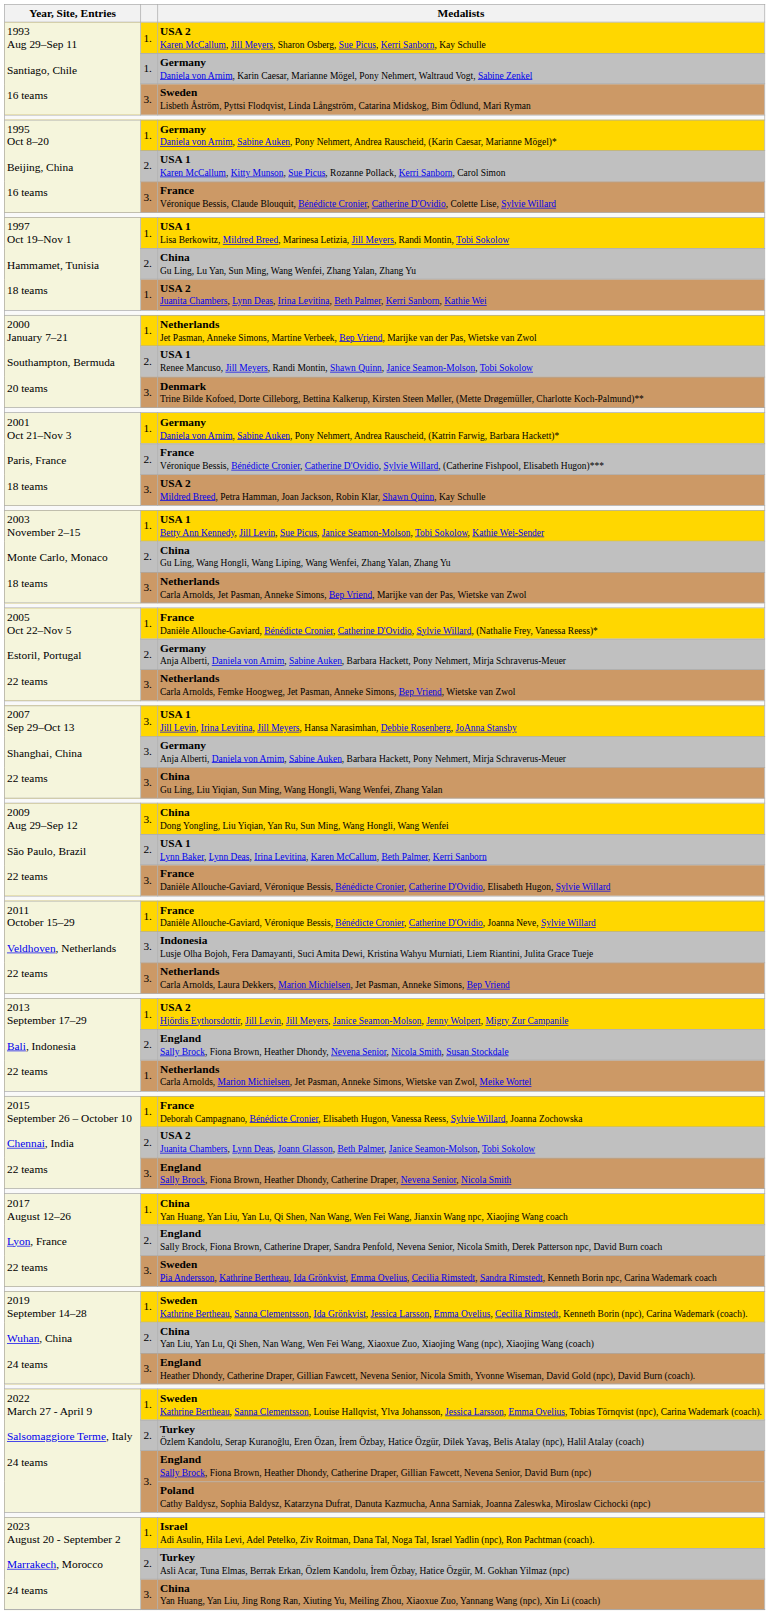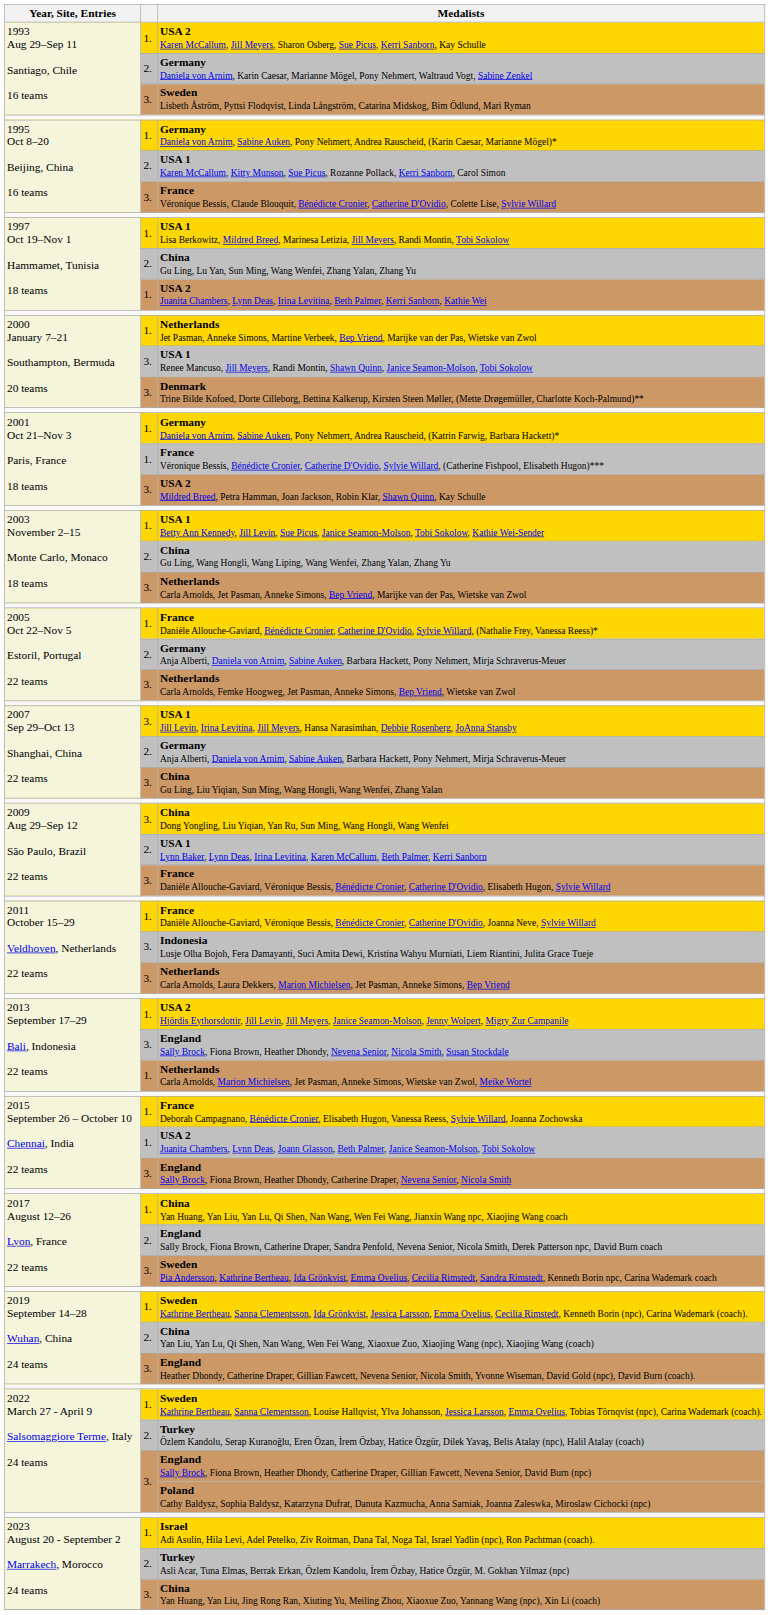 <table class=wikitable>
 <tr>
 <th>Year, Site, Entries</th>
 <th></th>
 <th>Medalists</th>
 </tr>
 <tr bgcolor="gold">
 <td rowspan=3 bgcolor="beige" valign="Top">1993<br>Aug 29–Sep 11 <br> <br>Santiago, Chile <br> <br>16 teams</td>
 <td>1. </td>
 <td> <strong>USA 2</strong> <br><small><a href='#'>Karen McCallum</a>, <a href='#'>Jill Meyers</a>, Sharon Osberg, <a href='#'>Sue Picus</a>, <a href='#'>Kerri Sanborn</a>, Kay Schulle</small></td>
 </tr>
 <tr bgcolor="silver">
-<td>1.</td>
+<td>2.</td>
 <td> <strong>Germany</strong> <br><small><a href='#'>Daniela von Arnim</a>, Karin Caesar, Marianne Mögel, Pony Nehmert, Waltraud Vogt, <a href='#'>Sabine Zenkel</a></small></td>
 </tr>
 <tr bgcolor="cc9966">
 <td>3.</td>
 <td> <strong>Sweden</strong> <br><small>Lisbeth Åström, Pyttsi Flodqvist, Linda Långström, Catarina Midskog, Bim Ödlund, Mari Ryman</small></td>
 </tr>
 <tr>
 <td colspan=3></td>
 </tr>
 <tr bgcolor="gold">
 <td rowspan=3 bgcolor="beige" valign="Top">1995<br>Oct 8–20 <br> <br>Beijing, China <br> <br>16 teams</td>
 <td>1.</td>
 <td> <strong>Germany</strong> <br><small><a href='#'>Daniela von Arnim</a>, <a href='#'>Sabine Auken</a>, Pony Nehmert, Andrea Rauscheid, (Karin Caesar, Marianne Mögel)*</small></td>
 </tr>
 <tr bgcolor="silver">
 <td>2.</td>
 <td> <strong>USA 1</strong> <br><small><a href='#'>Karen McCallum</a>, <a href='#'>Kitty Munson</a>, <a href='#'>Sue Picus</a>, Rozanne Pollack, <a href='#'>Kerri Sanborn</a>, Carol Simon</small></td>
 </tr>
 <tr bgcolor="cc9966">
 <td>3.</td>
 <td> <strong>France</strong> <br><small>Véronique Bessis, Claude Blouquit, <a href='#'>Bénédicte Cronier</a>, <a href='#'>Catherine D'Ovidio</a>, Colette Lise, <a href='#'>Sylvie Willard</a></small></td>
 </tr>
 <tr>
 <td colspan=3></td>
 </tr>
 <tr bgcolor="gold">
 <td rowspan=3 bgcolor="beige" valign="Top">1997<br>Oct 19–Nov 1 <br> <br>Hammamet, Tunisia <br> <br>18 teams</td>
 <td>1.</td>
 <td> <strong>USA 1</strong> <br><small>Lisa Berkowitz, <a href='#'>Mildred Breed</a>, Marinesa Letizia, <a href='#'>Jill Meyers</a>, Randi Montin, <a href='#'>Tobi Sokolow</a></small></td>
 </tr>
 <tr bgcolor="silver">
 <td>2.</td>
 <td> <strong>China</strong> <br><small>Gu Ling, Lu Yan, Sun Ming, Wang Wenfei, Zhang Yalan, Zhang Yu</small></td>
 </tr>
 <tr bgcolor="cc9966">
 <td>1.</td>
 <td> <strong>USA 2</strong> <br><small><a href='#'>Juanita Chambers</a>, <a href='#'>Lynn Deas</a>, <a href='#'>Irina Levitina</a>, <a href='#'>Beth Palmer</a>, <a href='#'>Kerri Sanborn</a>, <a href='#'>Kathie Wei</a></small></td>
 </tr>
 <tr>
 <td colspan=3></td>
 </tr>
 <tr bgcolor="gold">
 <td rowspan=3 bgcolor="beige" valign="Top">2000<br>January 7–21 <br> <br>Southampton, Bermuda  <br> <br>20 teams</td>
 <td>1.</td>
 <td> <strong>Netherlands</strong> <br><small>Jet Pasman, Anneke Simons, Martine Verbeek, <a href='#'>Bep Vriend</a>, Marijke van der Pas, Wietske van Zwol</small></td>
 </tr>
 <tr bgcolor="silver">
-<td>2.</td>
+<td>3.</td>
 <td> <strong>USA 1</strong> <br><small>Renee Mancuso, <a href='#'>Jill Meyers</a>, Randi Montin, <a href='#'>Shawn Quinn</a>, <a href='#'>Janice Seamon-Molson</a>, <a href='#'>Tobi Sokolow</a></small></td>
 </tr>
 <tr bgcolor="cc9966">
 <td>3.</td>
 <td> <strong>Denmark</strong> <br><small>Trine Bilde Kofoed, Dorte Cilleborg, Bettina Kalkerup, Kirsten Steen Møller, (Mette Drøgemüller, Charlotte Koch-Palmund)**  </small></td>
 </tr>
 <tr>
 <td colspan=3></td>
 </tr>
 <tr bgcolor="gold">
 <td rowspan=3 bgcolor="beige" valign="Top">2001<br>Oct 21–Nov 3 <br> <br>Paris, France <br> <br>18 teams</td>
 <td>1.</td>
 <td> <strong>Germany</strong> <br><small><a href='#'>Daniela von Arnim</a>, <a href='#'>Sabine Auken</a>, Pony Nehmert, Andrea Rauscheid, (Katrin Farwig, Barbara Hackett)*</small></td>
 </tr>
 <tr bgcolor="silver">
-<td>2.</td>
+<td>1.</td>
 <td> <strong>France</strong> <br><small>Véronique Bessis, <a href='#'>Bénédicte Cronier</a>, <a href='#'>Catherine D'Ovidio</a>, <a href='#'>Sylvie Willard</a>, (Catherine Fishpool, Elisabeth Hugon)***</small></td>
 </tr>
 <tr bgcolor="cc9966">
 <td>3.</td>
 <td> <strong>USA 2</strong> <br><small><a href='#'>Mildred Breed</a>, Petra Hamman, Joan Jackson, Robin Klar, <a href='#'>Shawn Quinn</a>, Kay Schulle</small></td>
 </tr>
 <tr>
 <td colspan=3></td>
 </tr>
 <tr bgcolor="gold">
 <td rowspan=3 bgcolor="beige" valign="Top">2003<br>November 2–15 <br> <br>Monte Carlo, Monaco <br> <br>18 teams</td>
 <td>1.</td>
 <td> <strong>USA 1</strong> <br><small><a href='#'>Betty Ann Kennedy</a>, <a href='#'>Jill Levin</a>, <a href='#'>Sue Picus</a>, <a href='#'>Janice Seamon-Molson</a>, <a href='#'>Tobi Sokolow</a>, <a href='#'>Kathie Wei-Sender</a></small></td>
 </tr>
 <tr bgcolor="silver">
 <td>2.</td>
 <td> <strong>China</strong> <br><small>Gu Ling, Wang Hongli, Wang Liping, Wang Wenfei, Zhang Yalan, Zhang Yu</small></td>
 </tr>
 <tr bgcolor="cc9966">
 <td>3.</td>
 <td> <strong>Netherlands</strong> <br><small>Carla Arnolds, Jet Pasman, Anneke Simons, <a href='#'>Bep Vriend</a>, Marijke van der Pas, Wietske van Zwol</small></td>
 </tr>
 <tr>
 <td colspan=3></td>
 </tr>
 <tr bgcolor="gold">
 <td rowspan=3 bgcolor="beige" valign="Top">2005<br>Oct 22–Nov 5 <br> <br>Estoril, Portugal <br> <br>22 teams</td>
 <td>1.</td>
 <td> <strong>France</strong> <br><small>Danièle Allouche-Gaviard, <a href='#'>Bénédicte Cronier</a>, <a href='#'>Catherine D'Ovidio</a>, <a href='#'>Sylvie Willard</a>, (Nathalie Frey, Vanessa Reess)*</small></td>
 </tr>
 <tr bgcolor="silver">
 <td>2.</td>
 <td> <strong>Germany</strong> <br><small>Anja Alberti, <a href='#'>Daniela von Arnim</a>, <a href='#'>Sabine Auken</a>, Barbara Hackett, Pony Nehmert, Mirja Schraverus-Meuer</small></td>
 </tr>
 <tr bgcolor="cc9966">
 <td>3.</td>
 <td> <strong>Netherlands</strong> <br><small>Carla Arnolds, Femke Hoogweg, Jet Pasman, Anneke Simons, <a href='#'>Bep Vriend</a>, Wietske van Zwol</small></td>
 </tr>
 <tr>
 <td colspan=3></td>
 </tr>
 <tr bgcolor="gold">
 <td rowspan=3 bgcolor="beige" valign="Top">2007<br>Sep 29–Oct 13 <br> <br>Shanghai, China <br> <br>22 teams</td>
 <td>3.</td>
 <td> <strong>USA 1</strong> <br><small><a href='#'>Jill Levin</a>, <a href='#'>Irina Levitina</a>, <a href='#'>Jill Meyers</a>, Hansa Narasimhan, <a href='#'>Debbie Rosenberg</a>, <a href='#'>JoAnna Stansby</a></small></td>
 </tr>
 <tr bgcolor="silver">
-<td>3.</td>
+<td>2.</td>
 <td> <strong>Germany</strong> <br><small>Anja Alberti, <a href='#'>Daniela von Arnim</a>, <a href='#'>Sabine Auken</a>, Barbara Hackett, Pony Nehmert, Mirja Schraverus-Meuer</small></td>
 </tr>
 <tr bgcolor="cc9966">
 <td>3.</td>
 <td> <strong>China</strong> <br><small>Gu Ling, Liu Yiqian, Sun Ming, Wang Hongli, Wang Wenfei, Zhang Yalan</small></td>
 </tr>
 <tr>
 <td colspan=3></td>
 </tr>
 <tr bgcolor="gold">
 <td rowspan=3 bgcolor="beige" valign="Top">2009<br>Aug 29–Sep 12 <br> <br>São Paulo, Brazil <br> <br>22 teams</td>
 <td>3.</td>
 <td> <strong>China</strong> <br><small>Dong Yongling, Liu Yiqian, Yan Ru, Sun Ming, Wang Hongli, Wang Wenfei</small></td>
 </tr>
 <tr bgcolor="silver">
 <td>2.</td>
 <td> <strong>USA 1</strong> <br><small><a href='#'>Lynn Baker</a>, <a href='#'>Lynn Deas</a>, <a href='#'>Irina Levitina</a>, <a href='#'>Karen McCallum</a>, <a href='#'>Beth Palmer</a>, <a href='#'>Kerri Sanborn</a></small></td>
 </tr>
 <tr bgcolor="cc9966">
 <td>3.</td>
 <td> <strong>France</strong> <br><small>Danièle Allouche-Gaviard, Véronique Bessis, <a href='#'>Bénédicte Cronier</a>, <a href='#'>Catherine D'Ovidio</a>, Elisabeth Hugon, <a href='#'>Sylvie Willard</a>  </small></td>
 </tr>
 <tr>
 <td colspan=3></td>
 </tr>
 <tr bgcolor="gold">
 <td rowspan="3" bgcolor="beige" valign="Top">2011<br>October 15–29 <br>  <br><a href='#'>Veldhoven</a>, Netherlands   <br> <br>22 teams</td>
 <td>1.</td>
 <td> <strong>France</strong> <br><small>Danièle Allouche-Gaviard, Véronique Bessis, <a href='#'>Bénédicte Cronier</a>, <a href='#'>Catherine D'Ovidio</a>, Joanna Neve, <a href='#'>Sylvie Willard</a>  </small></td>
 </tr>
 <tr bgcolor="silver">
 <td>3.</td>
 <td> <strong>Indonesia</strong> <br><small>Lusje Olha Bojoh, Fera Damayanti, Suci Amita Dewi, Kristina Wahyu Murniati, Liem Riantini, Julita Grace Tueje</small></td>
 </tr>
 <tr bgcolor="cc9966">
 <td>3.</td>
 <td> <strong>Netherlands</strong> <br><small>Carla Arnolds, Laura Dekkers, <a href='#'>Marion Michielsen</a>, Jet Pasman, Anneke Simons, <a href='#'>Bep Vriend</a></small></td>
 </tr>
 <tr>
 <td colspan=3></td>
 </tr>
 <tr bgcolor="gold">
 <td rowspan="3" bgcolor="beige" valign="Top">2013<br>September 17–29 <br>  <br><a href='#'>Bali</a>, Indonesia   <br> <br>22 teams</td>
 <td>1.</td>
 <td> <strong>USA 2</strong> <br><small><a href='#'>Hjördis Eythorsdottir</a>, <a href='#'>Jill Levin</a>, <a href='#'>Jill Meyers</a>, <a href='#'>Janice Seamon-Molson</a>, <a href='#'>Jenny Wolpert</a>, <a href='#'>Migry Zur Campanile</a>  </small></td>
 </tr>
 <tr bgcolor="silver">
-<td>2.</td>
+<td>3.</td>
 <td> <strong>England</strong> <br><small><a href='#'>Sally Brock</a>, Fiona Brown, Heather Dhondy, <a href='#'>Nevena Senior</a>, <a href='#'>Nicola Smith</a>, <a href='#'>Susan Stockdale</a></small></td>
 </tr>
 <tr bgcolor="cc9966">
 <td>1.</td>
 <td> <strong>Netherlands</strong> <br><small>Carla Arnolds, <a href='#'>Marion Michielsen</a>, Jet Pasman, Anneke Simons, Wietske van Zwol, <a href='#'>Meike Wortel</a></small></td>
 </tr>
 <tr>
 <td colspan=3></td>
 </tr>
 <tr bgcolor="gold">
 <td rowspan="3" bgcolor="beige" valign="Top">2015<br>September 26 – October 10 <br>  <br> <a href='#'>Chennai</a>, India   <br> <br>22 teams</td>
 <td>1.</td>
 <td> <strong>France</strong> <br><small> Deborah Campagnano, <a href='#'>Bénédicte Cronier</a>, Elisabeth Hugon, Vanessa Reess, <a href='#'>Sylvie Willard</a>, Joanna Zochowska  </small></td>
 </tr>
 <tr bgcolor="silver">
-<td>2.</td>
+<td>1.</td>
 <td> <strong>USA 2</strong> <br><small> <a href='#'>Juanita Chambers</a>, <a href='#'>Lynn Deas</a>, <a href='#'>Joann Glasson</a>, <a href='#'>Beth Palmer</a>, <a href='#'>Janice Seamon-Molson</a>, <a href='#'>Tobi Sokolow</a>  </small></td>
 </tr>
 <tr bgcolor="cc9966">
 <td>3.</td>
 <td> <strong>England</strong> <br><small><a href='#'>Sally Brock</a>, Fiona Brown, Heather Dhondy, Catherine Draper, <a href='#'>Nevena Senior</a>, <a href='#'>Nicola Smith</a>  </small></td>
 </tr>
 <tr>
 <td colspan=3></td>
 </tr>
 <tr bgcolor="gold">
 <td rowspan="3" bgcolor="beige" valign="Top">2017<br>August 12–26 <br>  <br> <a href='#'>Lyon</a>, France   <br> <br>22 teams</td>
 <td>1.</td>
 <td> <strong>China</strong> <br><small>Yan Huang, Yan Liu, Yan Lu, Qi Shen, Nan Wang, Wen Fei Wang, Jianxin Wang npc, Xiaojing Wang coach</small></td>
 </tr>
 <tr bgcolor="silver">
 <td>2.</td>
 <td> <strong>England</strong> <br><small>Sally Brock, Fiona Brown, Catherine Draper, Sandra Penfold, Nevena Senior, Nicola Smith, Derek Patterson npc, David Burn coach</small></td>
 </tr>
 <tr bgcolor="cc9966">
 <td>3.</td>
 <td> <strong>Sweden</strong> <br><small><a href='#'>Pia Andersson</a>, <a href='#'>Kathrine Bertheau</a>, <a href='#'>Ida Grönkvist</a>, <a href='#'>Emma Ovelius</a>, <a href='#'>Cecilia Rimstedt</a>, <a href='#'>Sandra Rimstedt</a>, Kenneth Borin npc, Carina Wademark coach</small></td>
 </tr>
 <tr>
 <td colspan=3></td>
 </tr>
 <tr bgcolor="gold">
 <td rowspan="3" bgcolor="beige" valign="Top">2019<br>September 14–28 <br>  <br> <a href='#'>Wuhan</a>, China   <br> <br>24 teams</td>
 <td>1.</td>
 <td> <strong>Sweden</strong> <br><small><a href='#'>Kathrine Bertheau</a>, <a href='#'>Sanna Clementsson</a>, <a href='#'>Ida Grönkvist</a>, <a href='#'>Jessica Larsson</a>, <a href='#'>Emma Ovelius</a>, <a href='#'>Cecilia Rimstedt</a>, Kenneth Borin (npc), Carina Wademark (coach).</small></td>
 </tr>
 <tr bgcolor="silver">
 <td>2.</td>
 <td> <strong>China</strong> <br><small>Yan Liu, Yan Lu, Qi Shen, Nan Wang, Wen Fei Wang, Xiaoxue Zuo, Xiaojing Wang (npc), Xiaojing Wang (coach)</small></td>
 </tr>
 <tr bgcolor="cc9966">
 <td>3.</td>
 <td> <strong>England</strong> <br><small>Heather Dhondy, Catherine Draper, Gillian Fawcett, Nevena Senior, Nicola Smith, Yvonne Wiseman, David Gold (npc), David Burn (coach).</small></td>
 </tr>
 <tr>
 <td colspan=3></td>
 </tr>
 <tr bgcolor="gold">
 <td rowspan="4" bgcolor="beige" valign="Top">2022<br>March 27 - April 9 <br>  <br> <a href='#'>Salsomaggiore Terme</a>, Italy   <br> <br>24 teams</td>
 <td>1.</td>
 <td> <strong>Sweden</strong> <br><small><a href='#'>Kathrine Bertheau</a>, <a href='#'>Sanna Clementsson</a>, Louise Hallqvist, Ylva Johansson, <a href='#'>Jessica Larsson</a>, <a href='#'>Emma Ovelius</a>,  Tobias Törnqvist (npc), Carina Wademark (coach).</small></td>
 </tr>
 <tr bgcolor="silver">
 <td>2.</td>
 <td> <strong>Turkey</strong> <br><small>Özlem Kandolu, Serap Kuranoğlu, Eren Özan, İrem Özbay, Hatice Özgür, Dilek Yavaş, Belis Atalay (npc), Halil Atalay (coach)</small></td>
 </tr>
 <tr bgcolor="cc9966">
 <td rowspan=2>3.</td>
 <td> <strong>England</strong> <br><small><a href='#'>Sally Brock</a>, Fiona Brown, Heather Dhondy, Catherine Draper, Gillian Fawcett, Nevena Senior, David Burn (npc)</small></td>
 </tr>
 <tr bgcolor="cc9966">
 <td> <strong>Poland</strong> <br><small>Cathy Baldysz, Sophia Baldysz, Katarzyna Dufrat, Danuta Kazmucha, Anna Sarniak, Joanna Zaleswka, Miroslaw Cichocki (npc)</small></td>
 </tr>
 <tr>
 <td colspan=3></td>
 </tr>
 <tr bgcolor="gold">
 <td rowspan="3" bgcolor="beige" valign="Top">2023<br>August 20 - September 2 <br>  <br> <a href='#'>Marrakech</a>, Morocco   <br> <br>24 teams</td>
 <td>1.</td>
 <td> <strong>Israel</strong> <br><small>Adi Asulin, Hila Levi, Adel Petelko, Ziv Roitman, Dana Tal, Noga Tal, Israel Yadlin (npc), Ron Pachtman (coach).</small></td>
 </tr>
 <tr bgcolor="silver">
 <td>2.</td>
 <td> <strong>Turkey</strong> <br><small>Asli Acar, Tuna Elmas, Berrak Erkan, Özlem Kandolu, İrem Özbay, Hatice Özgür, M. Gokhan Yilmaz (npc)</small></td>
 </tr>
 <tr bgcolor="cc9966">
 <td>3.</td>
 <td> <strong>China</strong> <br><small>Yan Huang, Yan Liu, Jing Rong Ran, Xiuting Yu, Meiling Zhou, Xiaoxue Zuo, Yannang Wang (npc), Xin Li (coach)</small></td>
 </tr>
 <tr>
 </tr>
 </table>
